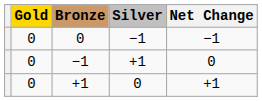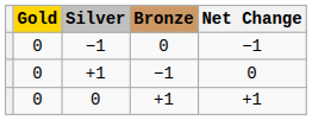 <table class="wikitable plainrowheaders sortable" style="text-align:center">
 <tr>
 <th></th>
 <th style="background-color:gold">Gold</th>
+<th style="background-color:silver">Silver</th>
 <th style="background-color:#c96">Bronze</th>
-<th style="background-color:silver">Silver</th>
 <th>Net Change</th>
 </tr>
 <tr>
 <th scope="row" style="text-align:left"></th>
 <td>0</td>
+<td>−1</td>
 <td>0</td>
-<td>−1</td>
 <td>−1</td>
 </tr>
 <tr>
 <th scope="row" style="text-align:left"></th>
 <td>0</td>
+<td>+1</td>
 <td>−1</td>
-<td>+1</td>
 <td>0</td>
 </tr>
 <tr>
 <th scope="row" style="text-align:left"></th>
 <td>0</td>
+<td>0</td>
 <td>+1</td>
-<td>0</td>
 <td>+1</td>
 </tr>
 </table>
